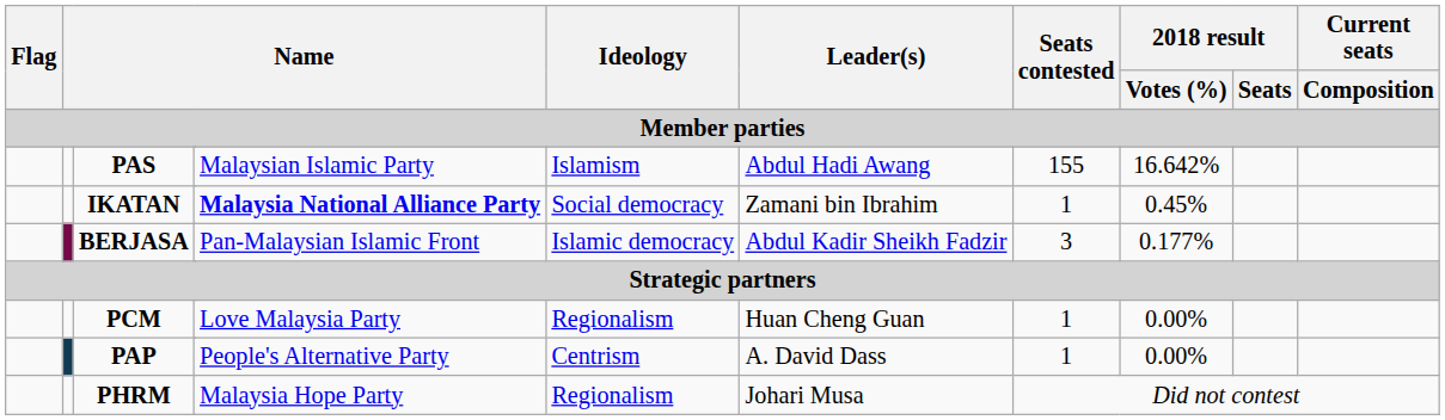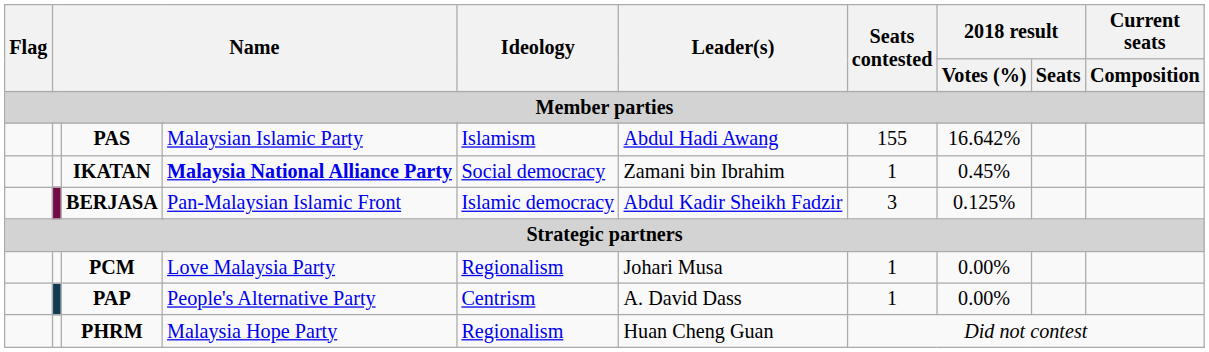 <table class="wikitable">
 <tr>
 <th rowspan="2">Flag</th>
 <th rowspan="2" colspan="4">Name</th>
 <th rowspan="2">Ideology</th>
 <th rowspan="2">Leader(s)</th>
 <th rowspan="2">Seats<br>contested</th>
 <th colspan="2">2018 result</th>
 <th>Current<br>seats</th>
 </tr>
 <tr>
 <th>Votes (%)</th>
 <th>Seats</th>
 <th>Composition</th>
 </tr>
 <tr>
 <td colspan="11" align="center" style="background:lightgrey;"><strong>Member parties</strong></td>
 </tr>
 <tr>
 <td></td>
 <td style="background:"></td>
 <td colspan="2" style="text-align:center;"><strong>PAS</strong></td>
 <td><a href='#'>Malaysian Islamic Party</a><br></td>
 <td><a href='#'>Islamism</a></td>
 <td><a href='#'>Abdul Hadi Awang</a></td>
 <td style="text-align:center;">155</td>
 <td style="text-align:center;">16.642%</td>
 <td></td>
 <td></td>
 </tr>
 <tr>
 <td></td>
 <td style="background:"></td>
 <td colspan="2" style="text-align:center;"><strong>IKATAN</strong></td>
 <td><strong><a href='#'>Malaysia National Alliance Party</a><br></strong></td>
 <td><a href='#'>Social democracy</a></td>
 <td>Zamani bin Ibrahim</td>
 <td style="text-align:center;">1</td>
 <td style="text-align:center;">0.45%</td>
 <td></td>
 <td></td>
 </tr>
 <tr>
 <td></td>
 <td style="background:#730947;"></td>
 <td colspan="2" style="text-align:center;"><strong>BERJASA</strong></td>
 <td><a href='#'>Pan-Malaysian Islamic Front</a><br></td>
 <td><a href='#'>Islamic democracy</a></td>
 <td><a href='#'>Abdul Kadir Sheikh Fadzir</a></td>
 <td style="text-align:center;">3</td>
-<td style="text-align:center;">0.177%</td>
+<td style="text-align:center;">0.125%</td>
 <td></td>
 <td></td>
 </tr>
 <tr>
 <td colspan=11 align=center style="background:lightgrey;"><strong>Strategic partners</strong></td>
 </tr>
 <tr>
 <td></td>
 <td style="background:"></td>
 <td colspan="2" style="text-align:center;"><strong>PCM</strong></td>
 <td><a href='#'>Love Malaysia Party</a><br></td>
 <td><a href='#'>Regionalism</a></td>
-<td>Huan Cheng Guan</td>
+<td>Johari Musa</td>
 <td style="text-align:center;">1</td>
 <td style="text-align:center;">0.00%</td>
 <td></td>
 <td></td>
 </tr>
 <tr>
 <td></td>
 <td style="background:#113B53;"></td>
 <td colspan="2" style="text-align:center;"><strong>PAP</strong></td>
 <td><a href='#'>People's Alternative Party</a><br></td>
 <td><a href='#'>Centrism</a></td>
 <td>A. David Dass</td>
 <td style="text-align:center;">1</td>
 <td style="text-align:center;">0.00%</td>
 <td></td>
 <td></td>
 </tr>
 <tr>
 <td></td>
 <td></td>
 <td colspan="2" style="text-align:center;"><strong>PHRM</strong></td>
 <td><a href='#'>Malaysia Hope Party</a><br></td>
 <td><a href='#'>Regionalism</a></td>
-<td>Johari Musa</td>
+<td>Huan Cheng Guan</td>
 <td align=center colspan=4><em>Did not contest</em></td>
 </tr>
 </table>
